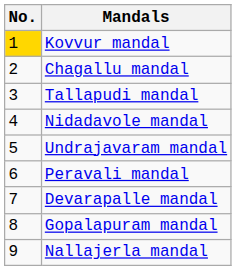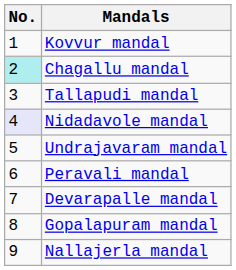 <table class="wikitable">
 <tr>
 <th>No.</th>
 <th>Mandals</th>
 </tr>
 <tr>
-<td style="background: gold;">1</td>
+<td>1</td>
 <td><a href='#'>Kovvur mandal</a></td>
 </tr>
 <tr>
-<td>2</td>
+<td style="background: paleturquoise;">2</td>
 <td><a href='#'>Chagallu mandal</a></td>
 </tr>
 <tr>
 <td>3</td>
 <td><a href='#'>Tallapudi mandal</a></td>
 </tr>
 <tr>
-<td>4</td>
+<td style="background: lavender;">4</td>
 <td><a href='#'>Nidadavole mandal</a></td>
 </tr>
 <tr>
 <td>5</td>
 <td><a href='#'>Undrajavaram mandal</a></td>
 </tr>
 <tr>
 <td>6</td>
 <td><a href='#'>Peravali mandal</a></td>
 </tr>
 <tr>
 <td>7</td>
 <td><a href='#'>Devarapalle mandal</a></td>
 </tr>
 <tr>
 <td>8</td>
 <td><a href='#'>Gopalapuram mandal</a></td>
 </tr>
 <tr>
 <td>9</td>
 <td><a href='#'>Nallajerla mandal</a></td>
 </tr>
 </table>
